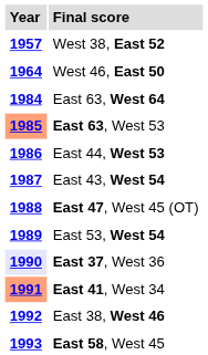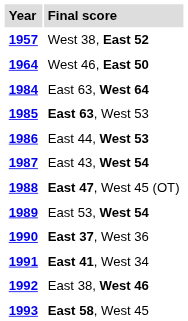 <table cellpadding=5>
 <tr>
 </tr>
 <tr bgcolor="#dddddd">
 <td><strong>Year</strong></td>
 <td><strong>Final score</strong></td>
 </tr>
 <tr>
 <td><strong><a href='#'>1957</a></strong></td>
 <td>West 38, <strong>East 52</strong></td>
 </tr>
 <tr>
 <td><strong><a href='#'>1964</a></strong></td>
 <td>West 46, <strong>East 50</strong></td>
 </tr>
 <tr>
 <td><strong><a href='#'>1984</a></strong></td>
 <td>East 63, <strong>West 64</strong></td>
 </tr>
 <tr>
-<td style="background: lightsalmon;"><strong><a href='#'>1985</a></strong></td>
+<td><strong><a href='#'>1985</a></strong></td>
 <td><strong>East 63</strong>, West 53</td>
 </tr>
 <tr>
 <td><strong><a href='#'>1986</a></strong></td>
 <td>East 44, <strong>West 53</strong></td>
 </tr>
 <tr>
 <td><strong><a href='#'>1987</a></strong></td>
 <td>East 43, <strong>West 54</strong></td>
 </tr>
 <tr>
 <td><strong><a href='#'>1988</a></strong></td>
 <td><strong>East 47</strong>, West 45 (OT)</td>
 </tr>
 <tr>
 <td><strong><a href='#'>1989</a></strong></td>
 <td>East 53, <strong>West 54</strong></td>
 </tr>
 <tr>
-<td style="background: lavender;"><strong><a href='#'>1990</a></strong></td>
+<td><strong><a href='#'>1990</a></strong></td>
 <td><strong>East 37</strong>, West 36</td>
 </tr>
 <tr>
-<td style="background: lightsalmon;"><strong><a href='#'>1991</a></strong></td>
+<td><strong><a href='#'>1991</a></strong></td>
 <td><strong>East 41</strong>, West 34</td>
 </tr>
 <tr>
 <td><strong><a href='#'>1992</a></strong></td>
 <td>East 38, <strong>West 46</strong></td>
 </tr>
 <tr>
 <td><strong><a href='#'>1993</a></strong></td>
 <td><strong>East 58</strong>, West 45</td>
 </tr>
 <tr>
 </tr>
 </table>
